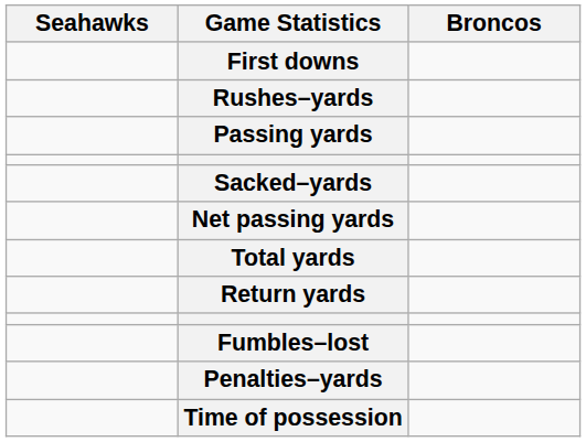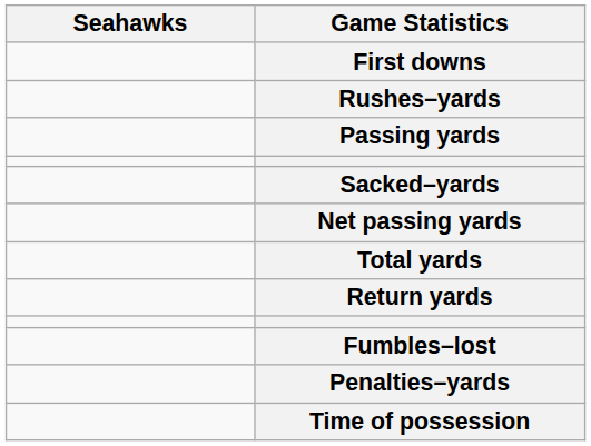 <table class="wikitable" style="margin: 1em auto 1em auto">
 <tr>
 <th style="width:30%;">Seahawks</th>
 <th style="width:40%;">Game Statistics</th>
-<th style="width:30%;">Broncos</th>
 </tr>
 <tr>
 <td style="text-align:right;"></td>
 <th>First downs</th>
-<td></td>
 </tr>
 <tr>
 <td style="text-align:right;"></td>
 <th>Rushes–yards</th>
-<td></td>
 </tr>
 <tr>
 <td style="text-align:right;"></td>
 <th>Passing yards</th>
-<td></td>
 </tr>
 <tr>
 <td style="text-align:right;"></td>
 <th></th>
-<td></td>
 </tr>
 <tr>
 <td style="text-align:right;"></td>
 <th>Sacked–yards</th>
-<td></td>
 </tr>
 <tr>
 <td style="text-align:right;"></td>
 <th>Net passing yards</th>
-<td></td>
 </tr>
 <tr>
 <td style="text-align:right;"></td>
 <th>Total yards</th>
-<td></td>
 </tr>
 <tr>
 <td style="text-align:right;"></td>
 <th>Return yards</th>
-<td></td>
 </tr>
 <tr>
 <td style="text-align:right;"></td>
 <th></th>
-<td></td>
 </tr>
 <tr>
 <td style="text-align:right;"></td>
 <th>Fumbles–lost</th>
-<td></td>
 </tr>
 <tr>
 <td style="text-align:right;"></td>
 <th>Penalties–yards</th>
-<td></td>
 </tr>
 <tr>
 <td style="text-align:right;"></td>
 <th>Time of possession</th>
-<td></td>
 </tr>
 </table>
